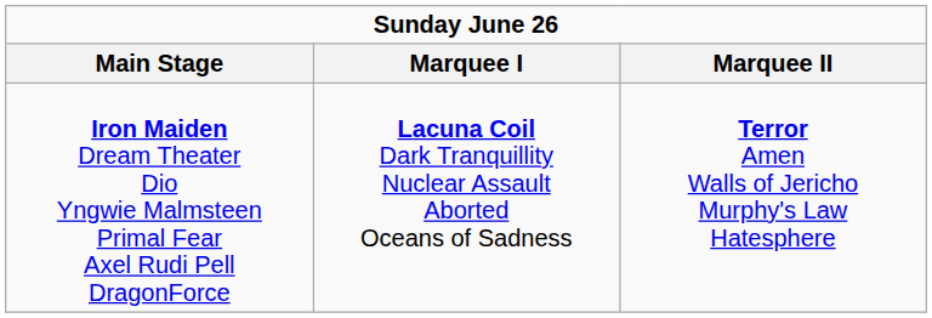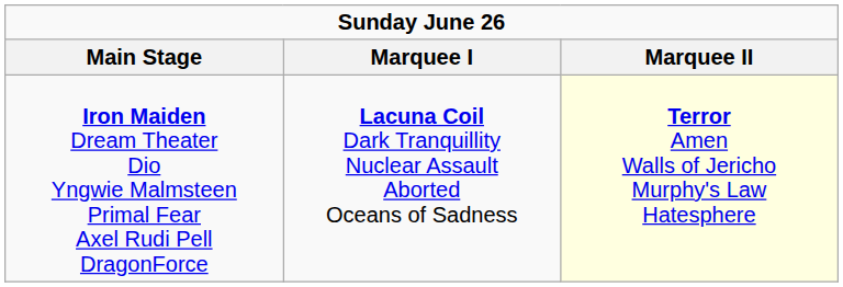 <table class="wikitable">
 <tr>
 <td colspan="3" style="text-align:center;"><strong>Sunday June 26</strong></td>
 </tr>
 <tr>
 <th>Main Stage</th>
 <th>Marquee I</th>
 <th>Marquee II</th>
 </tr>
 <tr>
 <td style="text-align:center; vertical-align:top; width:200px;"><br><strong><a href='#'>Iron Maiden</a></strong> <br><a href='#'>Dream Theater</a> <br><a href='#'>Dio</a> <br><a href='#'>Yngwie Malmsteen</a> <br><a href='#'>Primal Fear</a> <br><a href='#'>Axel Rudi Pell</a> <br><a href='#'>DragonForce</a></td>
 <td style="text-align:center; vertical-align:top; width:200px;"><br><strong><a href='#'>Lacuna Coil</a></strong> <br><a href='#'>Dark Tranquillity</a> <br><a href='#'>Nuclear Assault</a> <br><a href='#'>Aborted</a> <br>Oceans of Sadness</td>
-<td style="text-align:center; vertical-align:top; width:200px;"><br><strong><a href='#'>Terror</a></strong> <br><a href='#'>Amen</a> <br><a href='#'>Walls of Jericho</a> <br><a href='#'>Murphy's Law</a> <br><a href='#'>Hatesphere</a></td>
+<td style="background: lightyellow; text-align:center; vertical-align:top; width:200px;"><br><strong><a href='#'>Terror</a></strong> <br><a href='#'>Amen</a> <br><a href='#'>Walls of Jericho</a> <br><a href='#'>Murphy's Law</a> <br><a href='#'>Hatesphere</a></td>
 </tr>
 </table>
